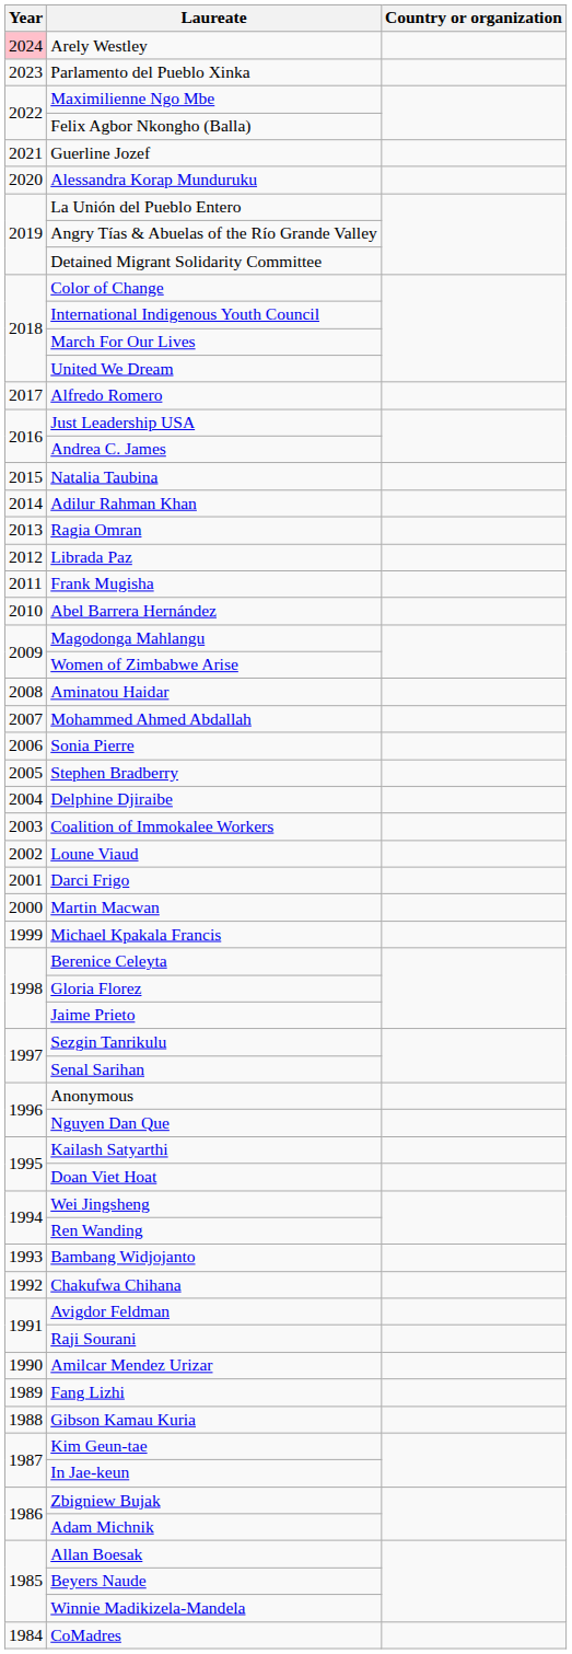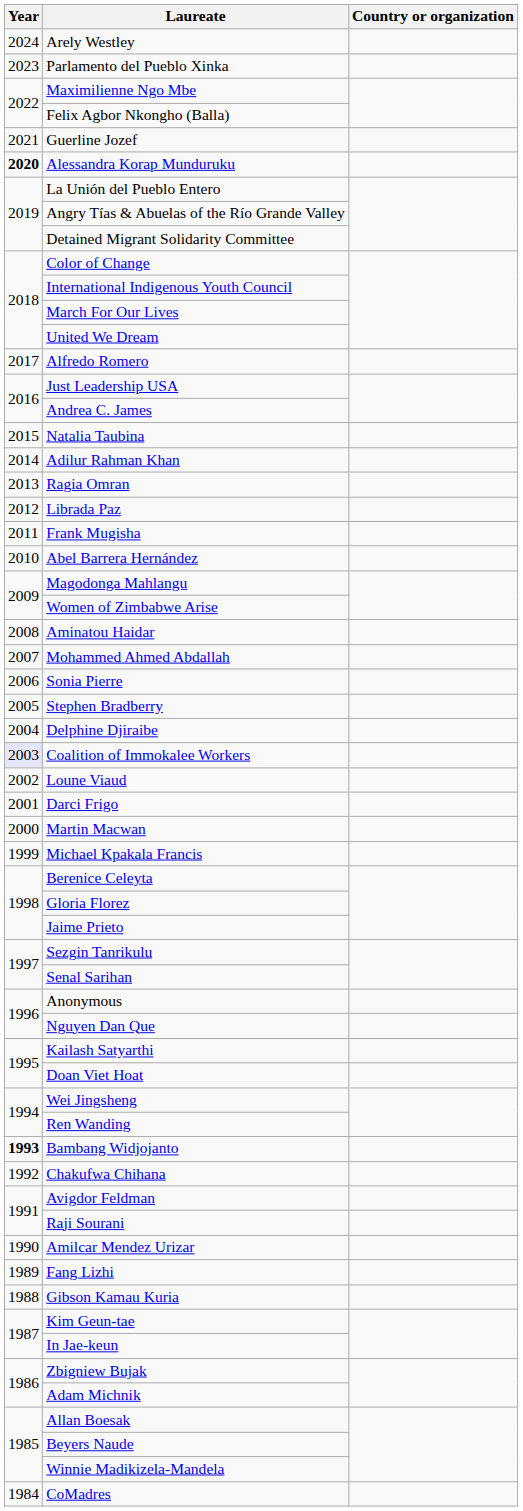 <table class="wikitable sortable">
 <tr>
 <th>Year</th>
 <th>Laureate</th>
 <th>Country or organization</th>
 </tr>
 <tr>
-<td style="background: pink;">2024</td>
+<td>2024</td>
 <td>Arely Westley</td>
 <td></td>
 </tr>
 <tr>
 <td>2023</td>
 <td>Parlamento del Pueblo Xinka</td>
 <td></td>
 </tr>
 <tr>
 <td rowspan="2">2022</td>
 <td><a href='#'>Maximilienne Ngo Mbe</a></td>
 <td rowspan="2"></td>
 </tr>
 <tr>
 <td>Felix Agbor Nkongho (Balla)</td>
 </tr>
 <tr>
 <td>2021</td>
 <td>Guerline Jozef</td>
 <td></td>
 </tr>
 <tr>
-<td>2020</td>
+<td><strong>2020</strong></td>
 <td><a href='#'>Alessandra Korap Munduruku</a></td>
 <td></td>
 </tr>
 <tr>
 <td rowspan="3">2019</td>
 <td>La Unión del Pueblo Entero</td>
 <td rowspan="3"></td>
 </tr>
 <tr>
 <td>Angry Tías & Abuelas of the Río Grande Valley</td>
 </tr>
 <tr>
 <td>Detained Migrant Solidarity Committee</td>
 </tr>
 <tr>
 <td rowspan=4>2018</td>
 <td><a href='#'>Color of Change</a></td>
 <td rowspan=4></td>
 </tr>
 <tr>
 <td><a href='#'>International Indigenous Youth Council</a></td>
 </tr>
 <tr>
 <td><a href='#'>March For Our Lives</a></td>
 </tr>
 <tr>
 <td><a href='#'>United We Dream</a></td>
 </tr>
 <tr>
 <td>2017</td>
 <td><a href='#'>Alfredo Romero</a></td>
 <td></td>
 </tr>
 <tr>
 <td rowspan=2>2016</td>
 <td><a href='#'>Just Leadership USA</a></td>
 <td rowspan=2></td>
 </tr>
 <tr>
 <td><a href='#'>Andrea C. James</a></td>
 </tr>
 <tr>
 <td>2015</td>
 <td><a href='#'>Natalia Taubina</a></td>
 <td></td>
 </tr>
 <tr>
 <td>2014</td>
 <td><a href='#'>Adilur Rahman Khan</a></td>
 <td></td>
 </tr>
 <tr>
 <td>2013</td>
 <td><a href='#'>Ragia Omran</a></td>
 <td></td>
 </tr>
 <tr>
 <td>2012</td>
 <td><a href='#'>Librada Paz</a></td>
 <td></td>
 </tr>
 <tr>
 <td>2011</td>
 <td><a href='#'>Frank Mugisha</a></td>
 <td></td>
 </tr>
 <tr>
 <td>2010</td>
 <td><a href='#'>Abel Barrera Hernández</a></td>
 <td></td>
 </tr>
 <tr>
 <td rowspan=2>2009</td>
 <td><a href='#'>Magodonga Mahlangu</a></td>
 <td rowspan=2></td>
 </tr>
 <tr>
 <td><a href='#'>Women of Zimbabwe Arise</a></td>
 </tr>
 <tr>
 <td>2008</td>
 <td><a href='#'>Aminatou Haidar</a></td>
 <td></td>
 </tr>
 <tr>
 <td>2007</td>
 <td><a href='#'>Mohammed Ahmed Abdallah</a></td>
 <td></td>
 </tr>
 <tr>
 <td>2006</td>
 <td><a href='#'>Sonia Pierre</a></td>
 <td></td>
 </tr>
 <tr>
 <td>2005</td>
 <td><a href='#'>Stephen Bradberry</a></td>
 <td></td>
 </tr>
 <tr>
 <td>2004</td>
 <td><a href='#'>Delphine Djiraibe</a></td>
 <td></td>
 </tr>
 <tr>
-<td>2003</td>
+<td style="background: lavender;">2003</td>
 <td><a href='#'>Coalition of Immokalee Workers</a></td>
 <td></td>
 </tr>
 <tr>
 <td>2002</td>
 <td><a href='#'>Loune Viaud</a></td>
 <td></td>
 </tr>
 <tr>
 <td>2001</td>
 <td><a href='#'>Darci Frigo</a></td>
 <td></td>
 </tr>
 <tr>
 <td>2000</td>
 <td><a href='#'>Martin Macwan</a></td>
 <td></td>
 </tr>
 <tr>
 <td>1999</td>
 <td><a href='#'>Michael Kpakala Francis</a></td>
 <td></td>
 </tr>
 <tr>
 <td rowspan="3">1998</td>
 <td><a href='#'>Berenice Celeyta</a></td>
 <td rowspan="3"></td>
 </tr>
 <tr>
 <td><a href='#'>Gloria Florez</a></td>
 </tr>
 <tr>
 <td><a href='#'>Jaime Prieto</a></td>
 </tr>
 <tr>
 <td rowspan="2">1997</td>
 <td><a href='#'>Sezgin Tanrikulu</a></td>
 <td rowspan="2"></td>
 </tr>
 <tr>
 <td><a href='#'>Senal Sarihan</a></td>
 </tr>
 <tr>
 <td rowspan="2">1996</td>
 <td>Anonymous</td>
 <td></td>
 </tr>
 <tr>
 <td><a href='#'>Nguyen Dan Que</a></td>
 <td></td>
 </tr>
 <tr>
 <td rowspan="2">1995</td>
 <td><a href='#'>Kailash Satyarthi</a></td>
 <td></td>
 </tr>
 <tr>
 <td><a href='#'>Doan Viet Hoat</a></td>
 <td></td>
 </tr>
 <tr>
 <td rowspan=2>1994</td>
 <td><a href='#'>Wei Jingsheng</a></td>
 <td rowspan=2></td>
 </tr>
 <tr>
 <td><a href='#'>Ren Wanding</a></td>
 </tr>
 <tr>
-<td>1993</td>
+<td><strong>1993</strong></td>
 <td><a href='#'>Bambang Widjojanto</a></td>
 <td></td>
 </tr>
 <tr>
 <td>1992</td>
 <td><a href='#'>Chakufwa Chihana</a></td>
 <td></td>
 </tr>
 <tr>
 <td rowspan=2>1991</td>
 <td><a href='#'>Avigdor Feldman</a></td>
 <td></td>
 </tr>
 <tr>
 <td><a href='#'>Raji Sourani</a></td>
 <td></td>
 </tr>
 <tr>
 <td>1990</td>
 <td><a href='#'>Amilcar Mendez Urizar</a></td>
 <td></td>
 </tr>
 <tr>
 <td>1989</td>
 <td><a href='#'>Fang Lizhi</a></td>
 <td></td>
 </tr>
 <tr>
 <td>1988</td>
 <td><a href='#'>Gibson Kamau Kuria</a></td>
 <td></td>
 </tr>
 <tr>
 <td rowspan=2>1987</td>
 <td><a href='#'>Kim Geun-tae</a></td>
 <td rowspan=2></td>
 </tr>
 <tr>
 <td><a href='#'>In Jae-keun</a></td>
 </tr>
 <tr>
 <td rowspan=2>1986</td>
 <td><a href='#'>Zbigniew Bujak</a></td>
 <td rowspan=2></td>
 </tr>
 <tr>
 <td><a href='#'>Adam Michnik</a></td>
 </tr>
 <tr>
 <td rowspan=3>1985</td>
 <td><a href='#'>Allan Boesak</a></td>
 <td rowspan=3></td>
 </tr>
 <tr>
 <td><a href='#'>Beyers Naude</a></td>
 </tr>
 <tr>
 <td><a href='#'>Winnie Madikizela-Mandela</a></td>
 </tr>
 <tr>
 <td>1984</td>
 <td><a href='#'>CoMadres</a></td>
 <td></td>
 </tr>
 </table>
